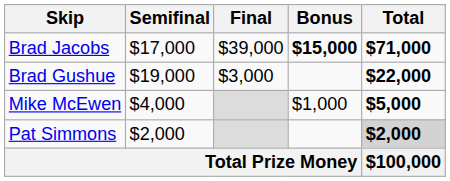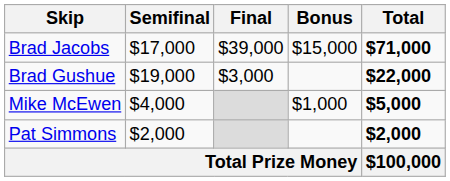 <table class="wikitable sortable">
 <tr>
 <th>Skip</th>
 <th>Semifinal</th>
 <th>Final</th>
 <th>Bonus</th>
 <th>Total</th>
 </tr>
 <tr>
 <td><a href='#'>Brad Jacobs</a></td>
 <td>$17,000</td>
 <td>$39,000</td>
-<td><strong>$15,000</strong></td>
+<td>$15,000</td>
 <td><strong>$71,000</strong></td>
 </tr>
 <tr>
 <td><a href='#'>Brad Gushue</a></td>
 <td>$19,000</td>
 <td>$3,000</td>
 <td></td>
 <td><strong>$22,000</strong></td>
 </tr>
 <tr>
 <td><a href='#'>Mike McEwen</a></td>
 <td>$4,000</td>
 <td bgcolor=#DCDCDC></td>
 <td>$1,000</td>
 <td><strong>$5,000</strong></td>
 </tr>
 <tr>
 <td><a href='#'>Pat Simmons</a></td>
 <td>$2,000</td>
 <td bgcolor=#DCDCDC></td>
 <td></td>
-<td style="background: lightgrey;"><strong>$2,000</strong></td>
+<td><strong>$2,000</strong></td>
 </tr>
 <tr class=sortbottom>
 <th colspan=4 style="text-align:right;">Total Prize Money</th>
 <th>$100,000</th>
 </tr>
 </table>
